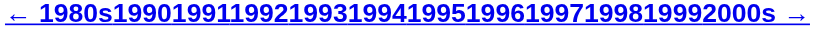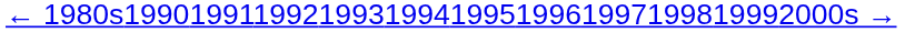 <table id="toc" class="toc" summary="Contents">
 <tr>
 <th></th>
 </tr>
 <tr>
-<td align="center"><strong><a href='#'>← 1980s</a><a href='#'>1990</a><a href='#'>1991</a><a href='#'>1992</a><a href='#'>1993</a><a href='#'>1994</a><a href='#'>1995</a><a href='#'>1996</a><a href='#'>1997</a><a href='#'>1998</a><a href='#'>1999</a><a href='#'>2000s →</a></strong></td>
+<td align="center"><a href='#'>← 1980s</a><a href='#'>1990</a><a href='#'>1991</a><a href='#'>1992</a><a href='#'>1993</a><a href='#'>1994</a><a href='#'>1995</a><a href='#'>1996</a><a href='#'>1997</a><a href='#'>1998</a><a href='#'>1999</a><a href='#'>2000s →</a></td>
 </tr>
 </table>
